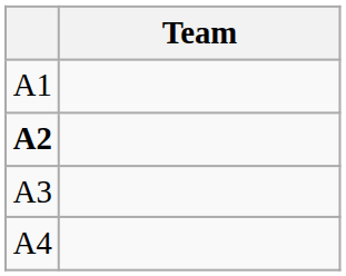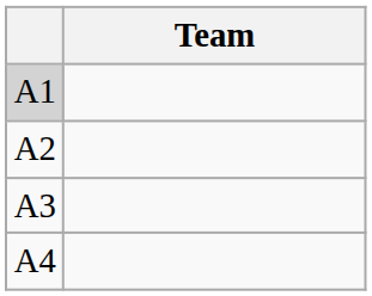 <table class="wikitable" style="display:inline-table; font-size:90%;">
 <tr>
 <th></th>
 <th width=120>Team</th>
 </tr>
 <tr>
-<td align=center>A1</td>
+<td align=center style="background: lightgrey;">A1</td>
 <td></td>
 </tr>
 <tr>
-<td align=center><strong>A2</strong></td>
+<td align=center>A2</td>
 <td></td>
 </tr>
 <tr>
 <td align=center>A3</td>
 <td></td>
 </tr>
 <tr>
 <td align=center>A4</td>
 <td></td>
 </tr>
 </table>
